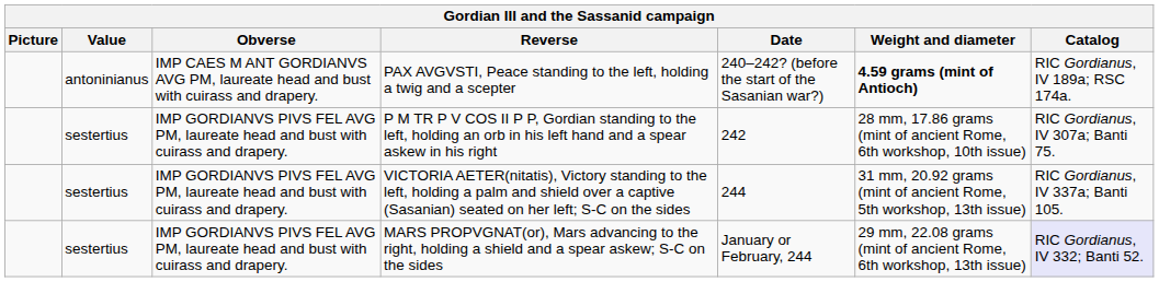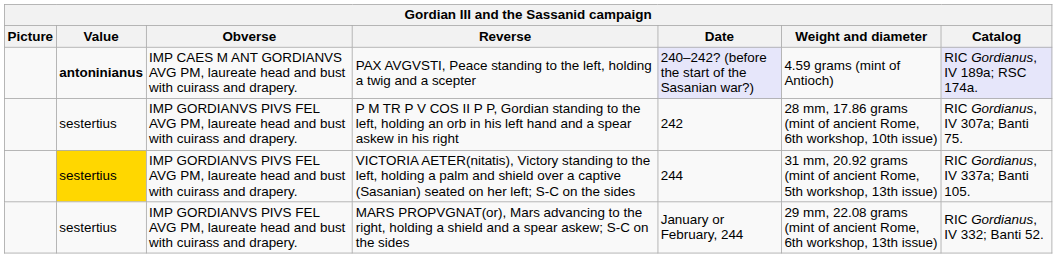 <table class="wikitable">
 <tr>
 <th colspan="7">Gordian III and the Sassanid campaign</th>
 </tr>
 <tr>
 <th>Picture</th>
 <th>Value</th>
 <th>Obverse</th>
 <th>Reverse</th>
 <th>Date</th>
 <th>Weight and diameter</th>
 <th>Catalog</th>
 </tr>
 <tr>
 <td></td>
-<td>antoninianus</td>
+<td><strong>antoninianus</strong></td>
 <td>IMP CAES M ANT GORDIANVS AVG PM, laureate head and bust with cuirass and drapery.</td>
 <td>PAX AVGVSTI, Peace standing to the left, holding a twig and a scepter</td>
-<td>240–242? (before the start of the Sasanian war?)</td>
-<td><strong>4.59 grams (mint of Antioch)</strong></td>
-<td>RIC <em>Gordianus</em>, IV 189a; RSC 174a.</td>
+<td style="background: lavender;">240–242? (before the start of the Sasanian war?)</td>
+<td>4.59 grams (mint of Antioch)</td>
+<td style="background: lavender;">RIC <em>Gordianus</em>, IV 189a; RSC 174a.</td>
 </tr>
 <tr>
 <td></td>
 <td>sestertius</td>
 <td>IMP GORDIANVS PIVS FEL AVG PM, laureate head and bust with cuirass and drapery.</td>
 <td>P M TR P V COS II P P, Gordian standing to the left, holding an orb in his left hand and a spear askew in his right</td>
 <td>242</td>
 <td>28 mm, 17.86 grams (mint of ancient Rome, 6th workshop, 10th issue)</td>
 <td>RIC <em>Gordianus</em>, IV 307a; Banti 75.</td>
 </tr>
 <tr>
 <td></td>
-<td>sestertius</td>
+<td style="background: gold;">sestertius</td>
 <td>IMP GORDIANVS PIVS FEL AVG PM, laureate head and bust with cuirass and drapery.</td>
 <td>VICTORIA AETER(nitatis), Victory standing to the left, holding a palm and shield over a captive (Sasanian) seated on her left; S-C on the sides</td>
 <td>244</td>
 <td>31 mm, 20.92 grams (mint of ancient Rome, 5th workshop, 13th issue)</td>
 <td>RIC <em>Gordianus</em>, IV 337a; Banti 105.</td>
 </tr>
 <tr>
 <td></td>
 <td>sestertius</td>
 <td>IMP GORDIANVS PIVS FEL AVG PM, laureate head and bust with cuirass and drapery.</td>
 <td>MARS PROPVGNAT(or), Mars advancing to the right, holding a shield and a spear askew; S-C on the sides</td>
 <td>January or February, 244</td>
 <td>29 mm, 22.08 grams (mint of ancient Rome, 6th workshop, 13th issue)</td>
-<td style="background: lavender;">RIC <em>Gordianus</em>, IV 332; Banti 52.</td>
+<td>RIC <em>Gordianus</em>, IV 332; Banti 52.</td>
 </tr>
 </table>
